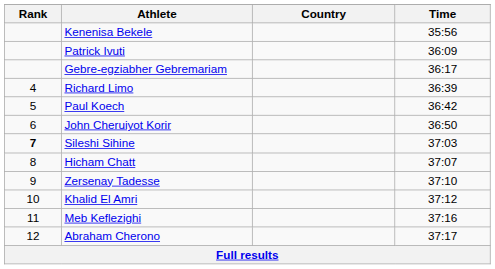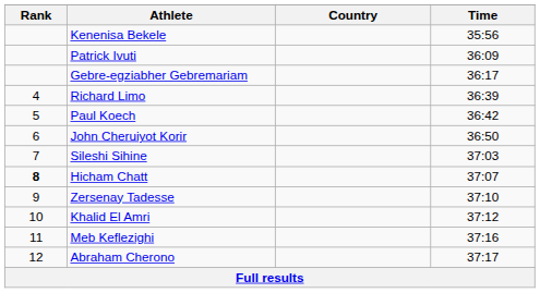 <table class="wikitable sortable" style=" text-align:center; font-size:95%;" width="50%">
 <tr>
 </tr>
 <tr>
 <th width=5%>Rank</th>
 <th width=20%>Athlete</th>
 <th width=15%>Country</th>
 <th width=10%>Time</th>
 </tr>
 <tr>
 <td align=center></td>
 <td align=left><a href='#'>Kenenisa Bekele</a></td>
 <td align=left></td>
 <td>35:56</td>
 </tr>
 <tr>
 <td align=center></td>
 <td align=left><a href='#'>Patrick Ivuti</a></td>
 <td align=left></td>
 <td>36:09</td>
 </tr>
 <tr>
 <td align=center></td>
 <td align=left><a href='#'>Gebre-egziabher Gebremariam</a></td>
 <td align=left></td>
 <td>36:17</td>
 </tr>
 <tr>
 <td align=center>4</td>
 <td align=left><a href='#'>Richard Limo</a></td>
 <td align=left></td>
 <td>36:39</td>
 </tr>
 <tr>
 <td align=center>5</td>
 <td align=left><a href='#'>Paul Koech</a></td>
 <td align=left></td>
 <td>36:42</td>
 </tr>
 <tr>
 <td align=center>6</td>
 <td align=left><a href='#'>John Cheruiyot Korir</a></td>
 <td align=left></td>
 <td>36:50</td>
 </tr>
 <tr>
-<td align=center><strong>7</strong></td>
+<td align=center>7</td>
 <td align=left><a href='#'>Sileshi Sihine</a></td>
 <td align=left></td>
 <td>37:03</td>
 </tr>
 <tr>
-<td align=center>8</td>
+<td align=center><strong>8</strong></td>
 <td align=left><a href='#'>Hicham Chatt</a></td>
 <td align=left></td>
 <td>37:07</td>
 </tr>
 <tr>
 <td align=center>9</td>
 <td align=left><a href='#'>Zersenay Tadesse</a></td>
 <td align=left></td>
 <td>37:10</td>
 </tr>
 <tr>
 <td align=center>10</td>
 <td align=left><a href='#'>Khalid El Amri</a></td>
 <td align=left></td>
 <td>37:12</td>
 </tr>
 <tr>
 <td align=center>11</td>
 <td align=left><a href='#'>Meb Keflezighi</a></td>
 <td align=left></td>
 <td>37:16</td>
 </tr>
 <tr>
 <td align=center>12</td>
 <td align=left><a href='#'>Abraham Cherono</a></td>
 <td align=left></td>
 <td>37:17</td>
 </tr>
 <tr class="sortbottom">
 <th colspan=4 align=center><a href='#'>Full results</a></th>
 </tr>
 </table>
